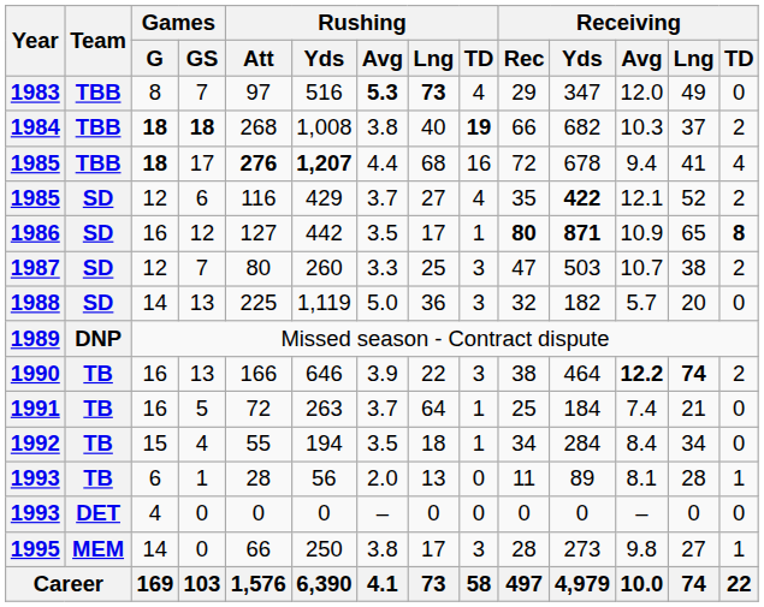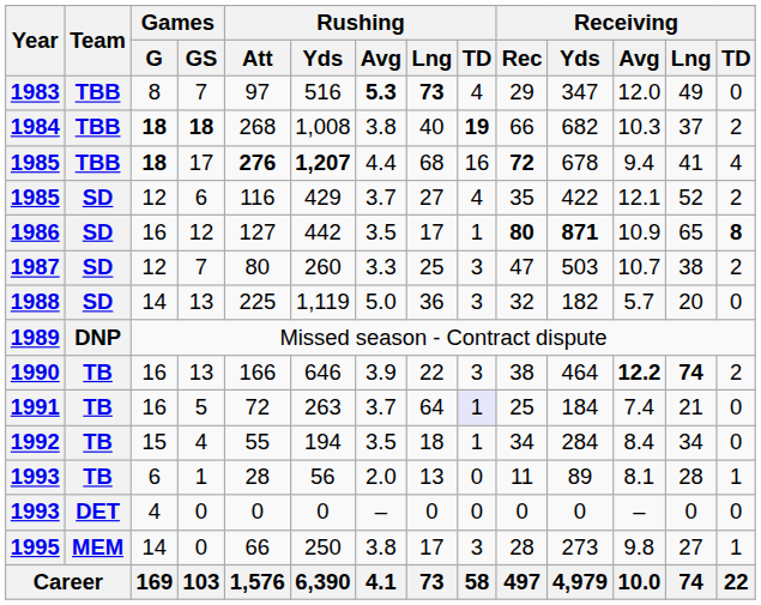 <table class=wikitable style="text-align:center">
 <tr>
 <th rowspan="2">Year</th>
 <th rowspan="2">Team</th>
 <th colspan="2">Games</th>
 <th colspan="5">Rushing</th>
 <th colspan="5">Receiving</th>
 </tr>
 <tr>
 <th>G</th>
 <th>GS</th>
 <th>Att</th>
 <th>Yds</th>
 <th>Avg</th>
 <th>Lng</th>
 <th>TD</th>
 <th>Rec</th>
 <th>Yds</th>
 <th>Avg</th>
 <th>Lng</th>
 <th>TD</th>
 </tr>
 <tr>
 <th><a href='#'>1983</a></th>
 <th><a href='#'>TBB</a></th>
 <td>8</td>
 <td>7</td>
 <td>97</td>
 <td>516</td>
 <td><strong>5.3</strong></td>
 <td><strong>73</strong></td>
 <td>4</td>
 <td>29</td>
 <td>347</td>
 <td>12.0</td>
 <td>49</td>
 <td>0</td>
 </tr>
 <tr>
 <th><a href='#'>1984</a></th>
 <th><a href='#'>TBB</a></th>
 <td><strong>18</strong></td>
 <td><strong>18</strong></td>
 <td>268</td>
 <td>1,008</td>
 <td>3.8</td>
 <td>40</td>
 <td><strong>19</strong></td>
 <td>66</td>
 <td>682</td>
 <td>10.3</td>
 <td>37</td>
 <td>2</td>
 </tr>
 <tr>
 <th><a href='#'>1985</a></th>
 <th><a href='#'>TBB</a></th>
 <td><strong>18</strong></td>
 <td>17</td>
 <td><strong>276</strong></td>
 <td><strong>1,207</strong></td>
 <td>4.4</td>
 <td>68</td>
 <td>16</td>
-<td>72</td>
+<td><strong>72</strong></td>
 <td>678</td>
 <td>9.4</td>
 <td>41</td>
 <td>4</td>
 </tr>
 <tr>
 <th><a href='#'>1985</a></th>
 <th><a href='#'>SD</a></th>
 <td>12</td>
 <td>6</td>
 <td>116</td>
 <td>429</td>
 <td>3.7</td>
 <td>27</td>
 <td>4</td>
 <td>35</td>
-<td><strong>422</strong></td>
+<td>422</td>
 <td>12.1</td>
 <td>52</td>
 <td>2</td>
 </tr>
 <tr>
 <th><a href='#'>1986</a></th>
 <th><a href='#'>SD</a></th>
 <td>16</td>
 <td>12</td>
 <td>127</td>
 <td>442</td>
 <td>3.5</td>
 <td>17</td>
 <td>1</td>
 <td><strong>80</strong></td>
 <td><strong>871</strong></td>
 <td>10.9</td>
 <td>65</td>
 <td><strong>8</strong></td>
 </tr>
 <tr>
 <th><a href='#'>1987</a></th>
 <th><a href='#'>SD</a></th>
 <td>12</td>
 <td>7</td>
 <td>80</td>
 <td>260</td>
 <td>3.3</td>
 <td>25</td>
 <td>3</td>
 <td>47</td>
 <td>503</td>
 <td>10.7</td>
 <td>38</td>
 <td>2</td>
 </tr>
 <tr>
 <th><a href='#'>1988</a></th>
 <th><a href='#'>SD</a></th>
 <td>14</td>
 <td>13</td>
 <td>225</td>
 <td>1,119</td>
 <td>5.0</td>
 <td>36</td>
 <td>3</td>
 <td>32</td>
 <td>182</td>
 <td>5.7</td>
 <td>20</td>
 <td>0</td>
 </tr>
 <tr>
 <th><a href='#'>1989</a></th>
 <th>DNP</th>
 <td colspan="12">Missed season - Contract dispute</td>
 </tr>
 <tr>
 <th><a href='#'>1990</a></th>
 <th><a href='#'>TB</a></th>
 <td>16</td>
 <td>13</td>
 <td>166</td>
 <td>646</td>
 <td>3.9</td>
 <td>22</td>
 <td>3</td>
 <td>38</td>
 <td>464</td>
 <td><strong>12.2</strong></td>
 <td><strong>74</strong></td>
 <td>2</td>
 </tr>
 <tr>
 <th><a href='#'>1991</a></th>
 <th><a href='#'>TB</a></th>
 <td>16</td>
 <td>5</td>
 <td>72</td>
 <td>263</td>
 <td>3.7</td>
 <td>64</td>
-<td>1</td>
+<td style="background: lavender;">1</td>
 <td>25</td>
 <td>184</td>
 <td>7.4</td>
 <td>21</td>
 <td>0</td>
 </tr>
 <tr>
 <th><a href='#'>1992</a></th>
 <th><a href='#'>TB</a></th>
 <td>15</td>
 <td>4</td>
 <td>55</td>
 <td>194</td>
 <td>3.5</td>
 <td>18</td>
 <td>1</td>
 <td>34</td>
 <td>284</td>
 <td>8.4</td>
 <td>34</td>
 <td>0</td>
 </tr>
 <tr>
 <th><a href='#'>1993</a></th>
 <th><a href='#'>TB</a></th>
 <td>6</td>
 <td>1</td>
 <td>28</td>
 <td>56</td>
 <td>2.0</td>
 <td>13</td>
 <td>0</td>
 <td>11</td>
 <td>89</td>
 <td>8.1</td>
 <td>28</td>
 <td>1</td>
 </tr>
 <tr>
 <th><a href='#'>1993</a></th>
 <th><a href='#'>DET</a></th>
 <td>4</td>
 <td>0</td>
 <td>0</td>
 <td>0</td>
 <td>–</td>
 <td>0</td>
 <td>0</td>
 <td>0</td>
 <td>0</td>
 <td>–</td>
 <td>0</td>
 <td>0</td>
 </tr>
 <tr>
 <th><a href='#'>1995</a></th>
 <th><a href='#'>MEM</a></th>
 <td>14</td>
 <td>0</td>
 <td>66</td>
 <td>250</td>
 <td>3.8</td>
 <td>17</td>
 <td>3</td>
 <td>28</td>
 <td>273</td>
 <td>9.8</td>
 <td>27</td>
 <td>1</td>
 </tr>
 <tr>
 <th colspan="2">Career</th>
 <th>169</th>
 <th>103</th>
 <th>1,576</th>
 <th>6,390</th>
 <th>4.1</th>
 <th>73</th>
 <th>58</th>
 <th>497</th>
 <th>4,979</th>
 <th>10.0</th>
 <th>74</th>
 <th>22</th>
 </tr>
 </table>
